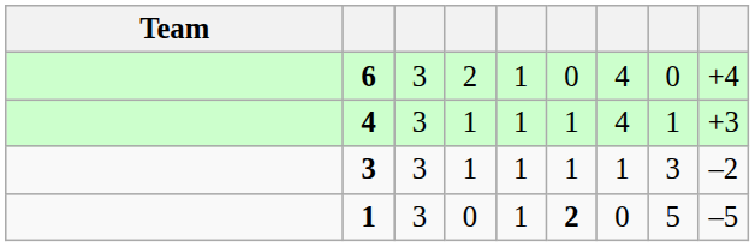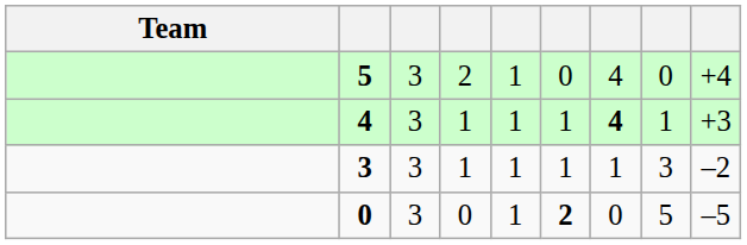 <table class="wikitable" style="text-align:center">
 <tr>
 <th width="175">Team</th>
 <th width="20"></th>
 <th width="20"></th>
 <th width="20"></th>
 <th width="20"></th>
 <th width="20"></th>
 <th width="20"></th>
 <th width="20"></th>
 <th width="20"></th>
 </tr>
 <tr bgcolor=#CCFFCC>
 <td align=left></td>
-<td><strong>6</strong></td>
+<td><strong>5</strong></td>
 <td>3</td>
 <td>2</td>
 <td>1</td>
 <td>0</td>
 <td>4</td>
 <td>0</td>
 <td>+4</td>
 </tr>
 <tr bgcolor=#CCFFCC>
 <td align=left></td>
 <td><strong>4</strong></td>
 <td>3</td>
 <td>1</td>
 <td>1</td>
 <td>1</td>
-<td>4</td>
+<td><strong>4</strong></td>
 <td>1</td>
 <td>+3</td>
 </tr>
 <tr>
 <td align=left></td>
 <td><strong>3</strong></td>
 <td>3</td>
 <td>1</td>
 <td>1</td>
 <td>1</td>
 <td>1</td>
 <td>3</td>
 <td>–2</td>
 </tr>
 <tr>
 <td align=left></td>
-<td><strong>1</strong></td>
+<td><strong>0</strong></td>
 <td>3</td>
 <td>0</td>
 <td>1</td>
 <td><strong>2</strong></td>
 <td>0</td>
 <td>5</td>
 <td>–5</td>
 </tr>
 </table>
